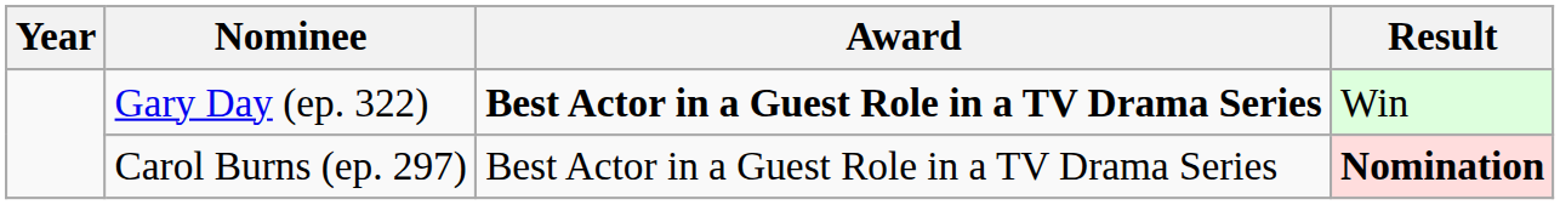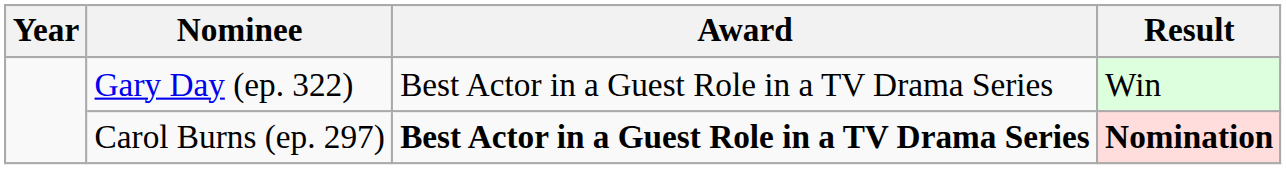 <table class="wikitable">
 <tr>
 <th>Year</th>
 <th>Nominee</th>
 <th>Award</th>
 <th>Result</th>
 </tr>
 <tr>
 <td rowspan="2"></td>
 <td><a href='#'>Gary Day</a> (ep. 322)</td>
-<td><strong>Best Actor in a Guest Role in a TV Drama Series</strong></td>
+<td>Best Actor in a Guest Role in a TV Drama Series</td>
 <td style="background: #ddffdd">Win</td>
 </tr>
 <tr>
 <td>Carol Burns (ep. 297)</td>
-<td>Best Actor in a Guest Role in a TV Drama Series</td>
+<td><strong>Best Actor in a Guest Role in a TV Drama Series</strong></td>
 <td style="background: #ffdddd"><strong>Nomination</strong></td>
 </tr>
 </table>
